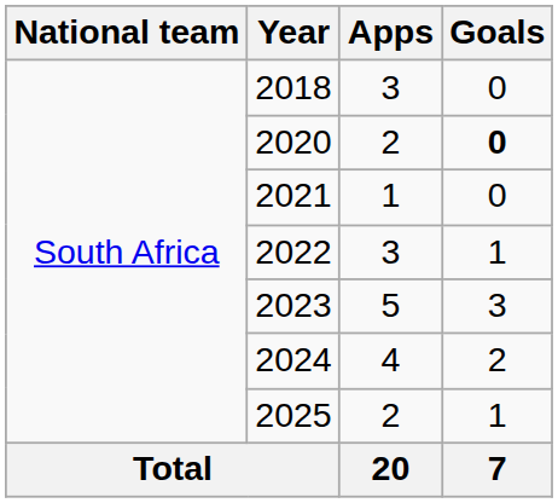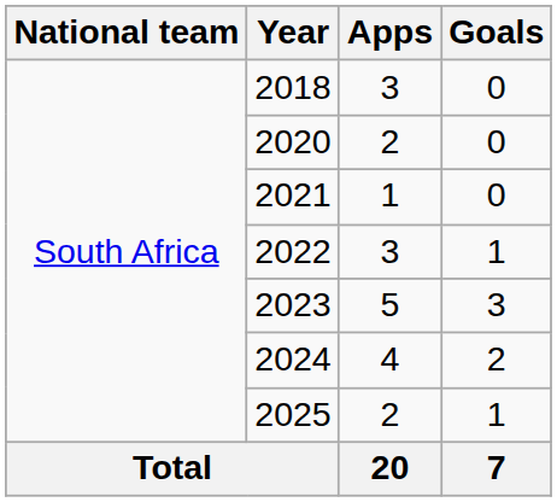 <table class="wikitable" style="text-align:center">
 <tr>
 <th>National team</th>
 <th>Year</th>
 <th>Apps</th>
 <th>Goals</th>
 </tr>
 <tr>
 <td rowspan="7"><a href='#'>South Africa</a></td>
 <td>2018</td>
 <td>3</td>
 <td>0</td>
 </tr>
 <tr>
 <td>2020</td>
 <td>2</td>
-<td><strong>0</strong></td>
+<td>0</td>
 </tr>
 <tr>
 <td>2021</td>
 <td>1</td>
 <td>0</td>
 </tr>
 <tr>
 <td>2022</td>
 <td>3</td>
 <td>1</td>
 </tr>
 <tr>
 <td>2023</td>
 <td>5</td>
 <td>3</td>
 </tr>
 <tr>
 <td>2024</td>
 <td>4</td>
 <td>2</td>
 </tr>
 <tr>
 <td>2025</td>
 <td>2</td>
 <td>1</td>
 </tr>
 <tr>
 <th colspan="2!">Total</th>
 <th>20</th>
 <th colspan="2">7</th>
 </tr>
 </table>
